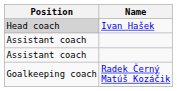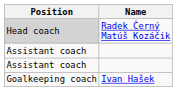 <table class="wikitable">
 <tr>
 <th>Position</th>
 <th>Name</th>
 </tr>
 <tr>
 <td style="background: lightgrey;">Head coach</td>
-<td> <a href='#'>Ivan Hašek</a></td>
+<td> <a href='#'>Radek Černý</a><br> <a href='#'>Matúš Kozáčik</a></td>
 </tr>
 <tr>
 <td>Assistant coach</td>
 <td> </td>
 </tr>
 <tr>
 <td>Assistant coach</td>
 <td> </td>
 </tr>
 <tr>
 <td>Goalkeeping coach</td>
-<td> <a href='#'>Radek Černý</a><br> <a href='#'>Matúš Kozáčik</a></td>
+<td> <a href='#'>Ivan Hašek</a></td>
 </tr>
 </table>
